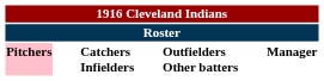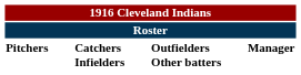 <table class="toccolours" style="font-size: 95%;">
 <tr>
 <th colspan="10" style="background-color: #990000; color: white; text-align: center;">1916 Cleveland Indians</th>
 </tr>
 <tr>
 <td colspan="10" style="background-color: #023456; color: white; text-align: center;"><strong>Roster</strong></td>
 </tr>
 <tr>
-<td valign="top" style="background: pink;"><strong>Pitchers</strong><br>                </td>
+<td valign="top"><strong>Pitchers</strong><br>                </td>
 <td width="25px"></td>
 <td valign="top"><strong>Catchers</strong><br>      <strong>Infielders</strong>            </td>
 <td width="25px"></td>
 <td valign="top"><strong>Outfielders</strong><br>       <strong>Other batters</strong>  </td>
 <td width="25px"></td>
 <td valign="top"><strong>Manager</strong><br></td>
 </tr>
 </table>
